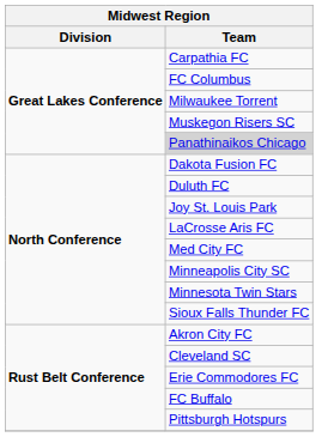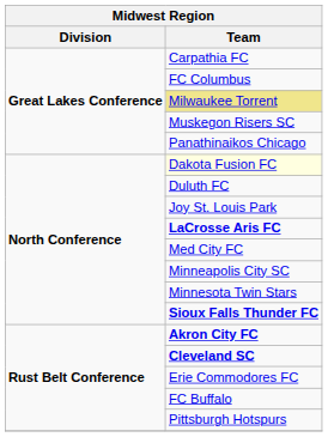 <table class="wikitable" style="text-align:left">
 <tr>
 <th colspan=3>Midwest Region</th>
 </tr>
 <tr>
 <th>Division</th>
 <th>Team</th>
 </tr>
 <tr>
 <td rowspan=5><strong>Great Lakes Conference</strong></td>
 <td><a href='#'>Carpathia FC</a></td>
 </tr>
 <tr>
 <td><a href='#'>FC Columbus</a></td>
 </tr>
 <tr>
-<td><a href='#'>Milwaukee Torrent</a></td>
+<td style="background: khaki;"><a href='#'>Milwaukee Torrent</a></td>
 </tr>
 <tr>
 <td><a href='#'>Muskegon Risers SC</a></td>
 </tr>
 <tr>
-<td style="background: lightgrey;"><a href='#'>Panathinaikos Chicago</a></td>
+<td><a href='#'>Panathinaikos Chicago</a></td>
 </tr>
 <tr>
 <td rowspan=8><strong>North Conference</strong></td>
-<td><a href='#'>Dakota Fusion FC</a></td>
+<td style="background: lightyellow;"><a href='#'>Dakota Fusion FC</a></td>
 </tr>
 <tr>
 <td><a href='#'>Duluth FC</a></td>
 </tr>
 <tr>
 <td><a href='#'>Joy St. Louis Park</a></td>
 </tr>
 <tr>
-<td><a href='#'>LaCrosse Aris FC</a></td>
+<td><strong><a href='#'>LaCrosse Aris FC</a></strong></td>
 </tr>
 <tr>
 <td><a href='#'>Med City FC</a></td>
 </tr>
 <tr>
 <td><a href='#'>Minneapolis City SC</a></td>
 </tr>
 <tr>
 <td><a href='#'>Minnesota Twin Stars</a></td>
 </tr>
 <tr>
-<td><a href='#'>Sioux Falls Thunder FC</a></td>
+<td><strong><a href='#'>Sioux Falls Thunder FC</a></strong></td>
 </tr>
 <tr>
 <td rowspan=5><strong>Rust Belt Conference</strong></td>
-<td><a href='#'>Akron City FC</a></td>
+<td><strong><a href='#'>Akron City FC</a></strong></td>
 </tr>
 <tr>
-<td><a href='#'>Cleveland SC</a></td>
+<td><strong><a href='#'>Cleveland SC</a></strong></td>
 </tr>
 <tr>
 <td><a href='#'>Erie Commodores FC</a></td>
 </tr>
 <tr>
 <td><a href='#'>FC Buffalo</a></td>
 </tr>
 <tr>
 <td><a href='#'>Pittsburgh Hotspurs</a></td>
 </tr>
 <tr>
 </tr>
 </table>
